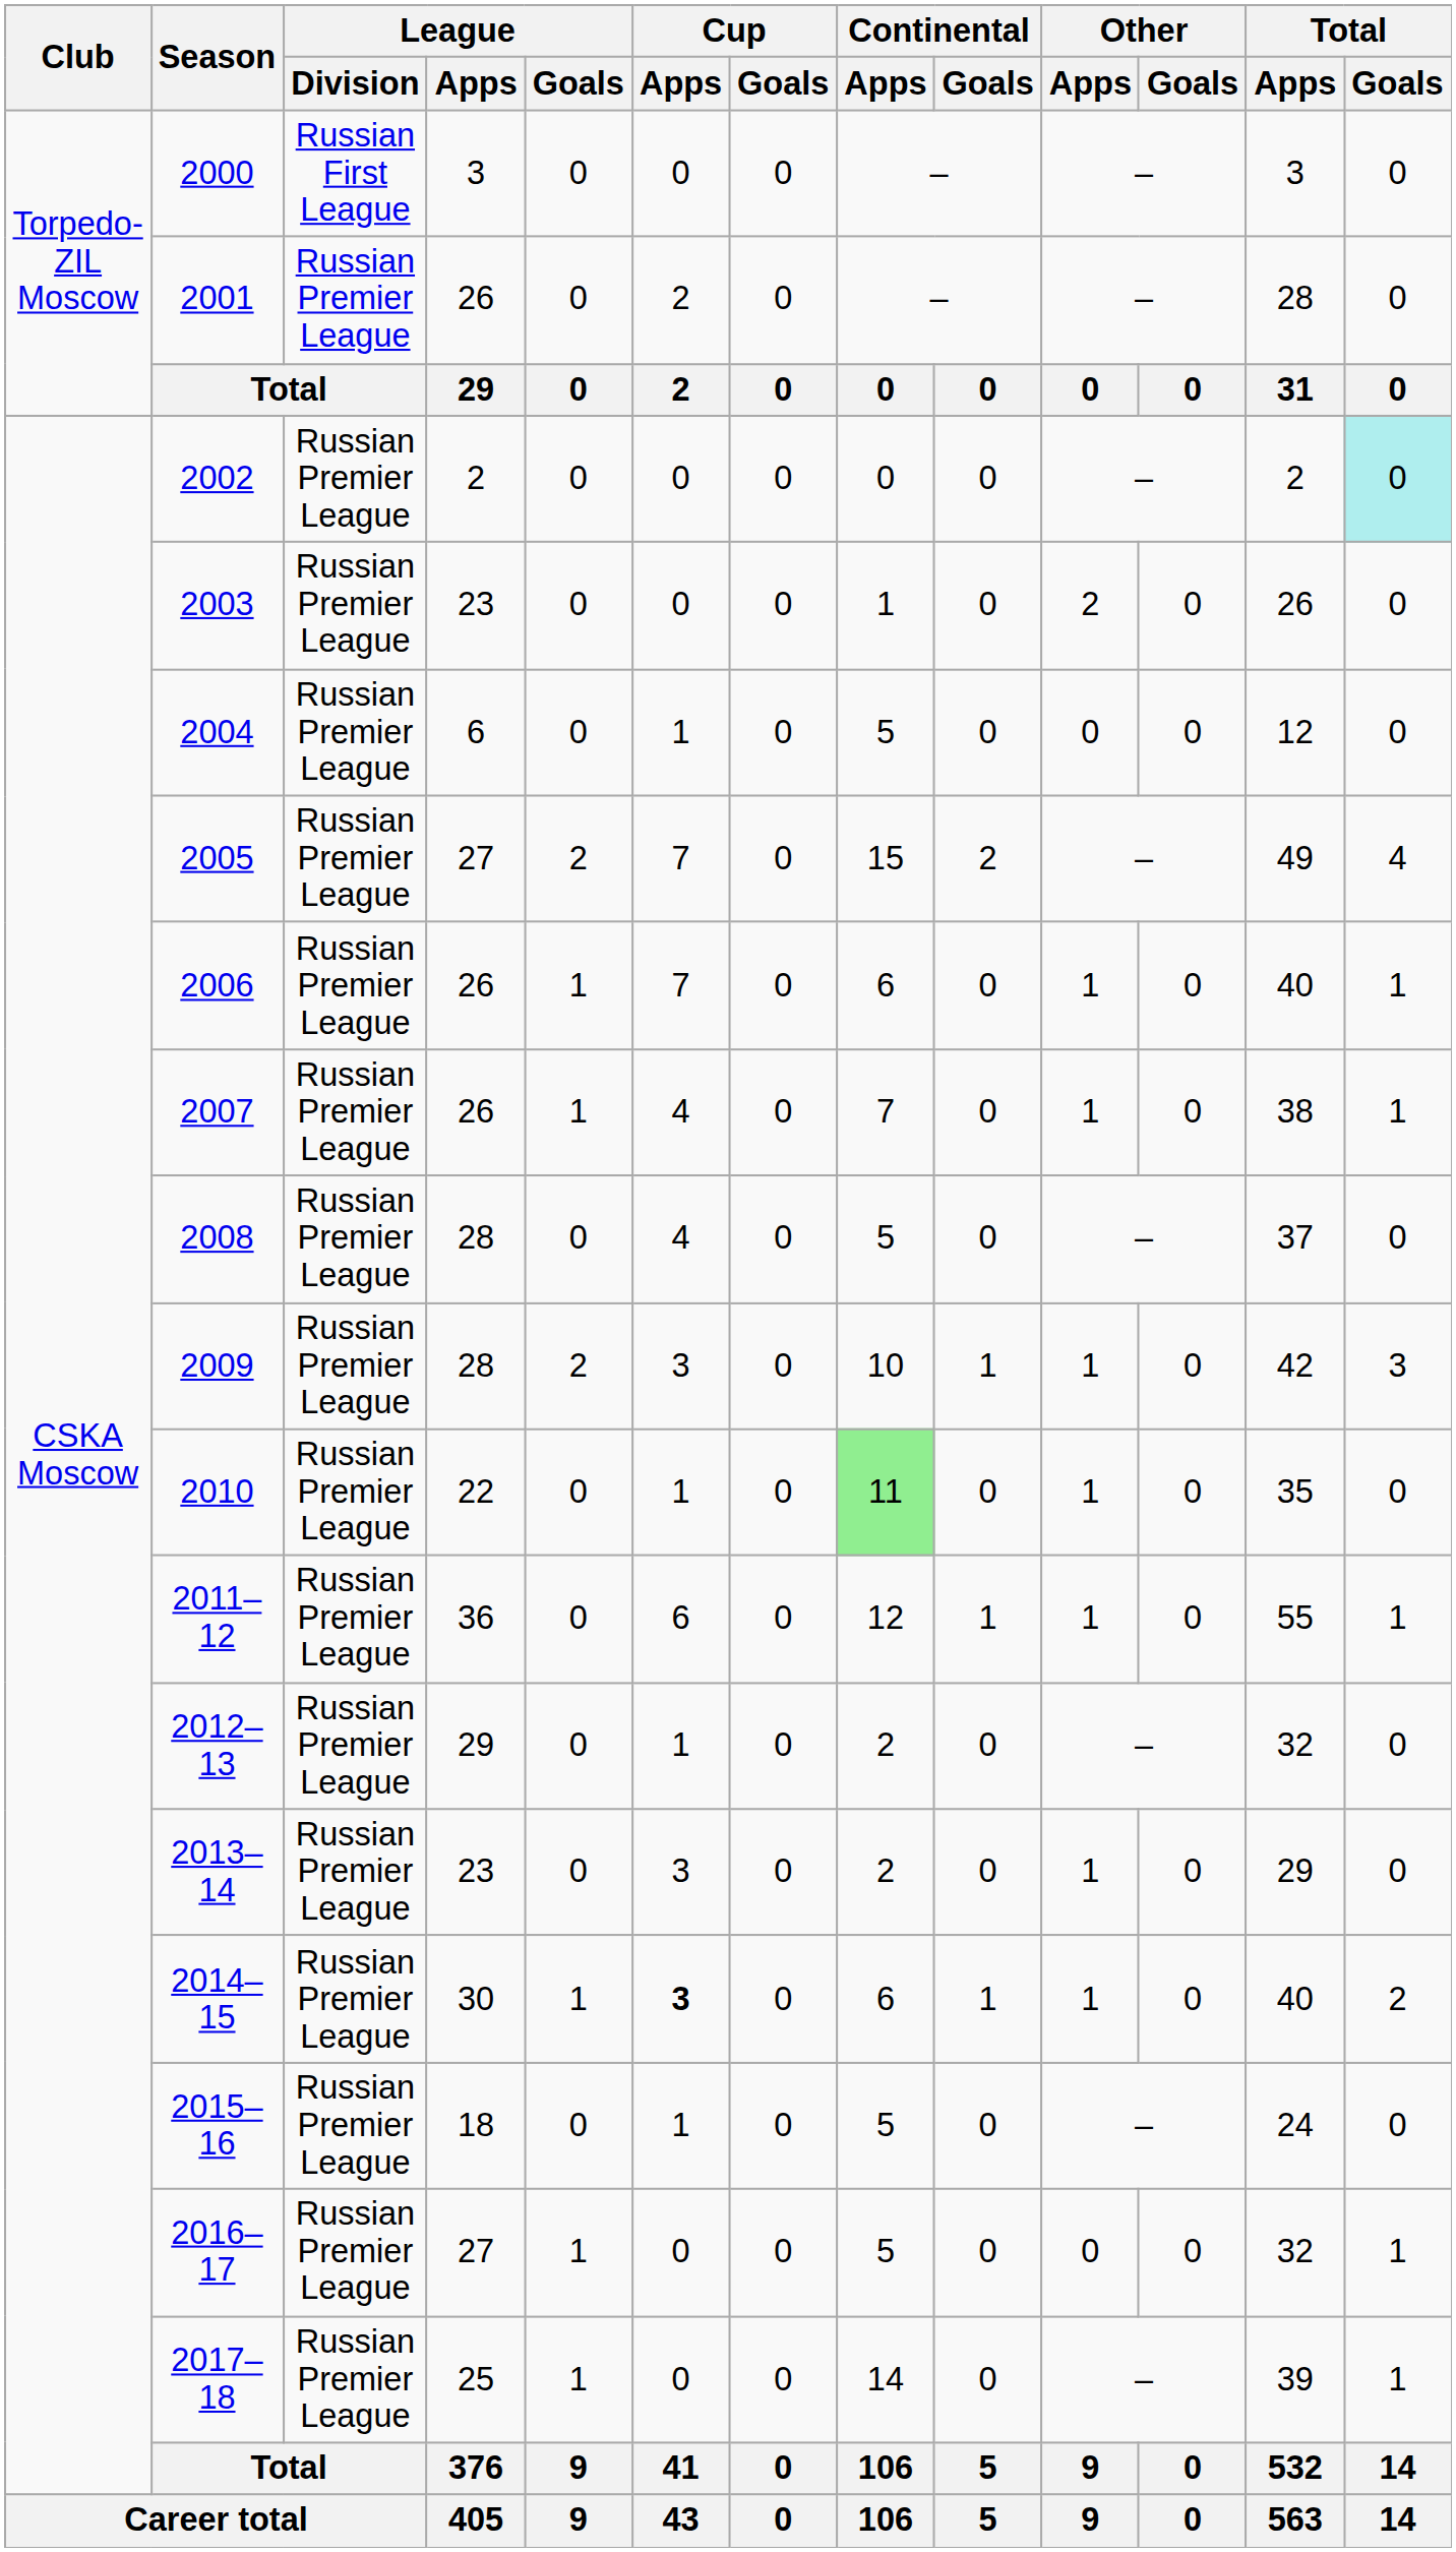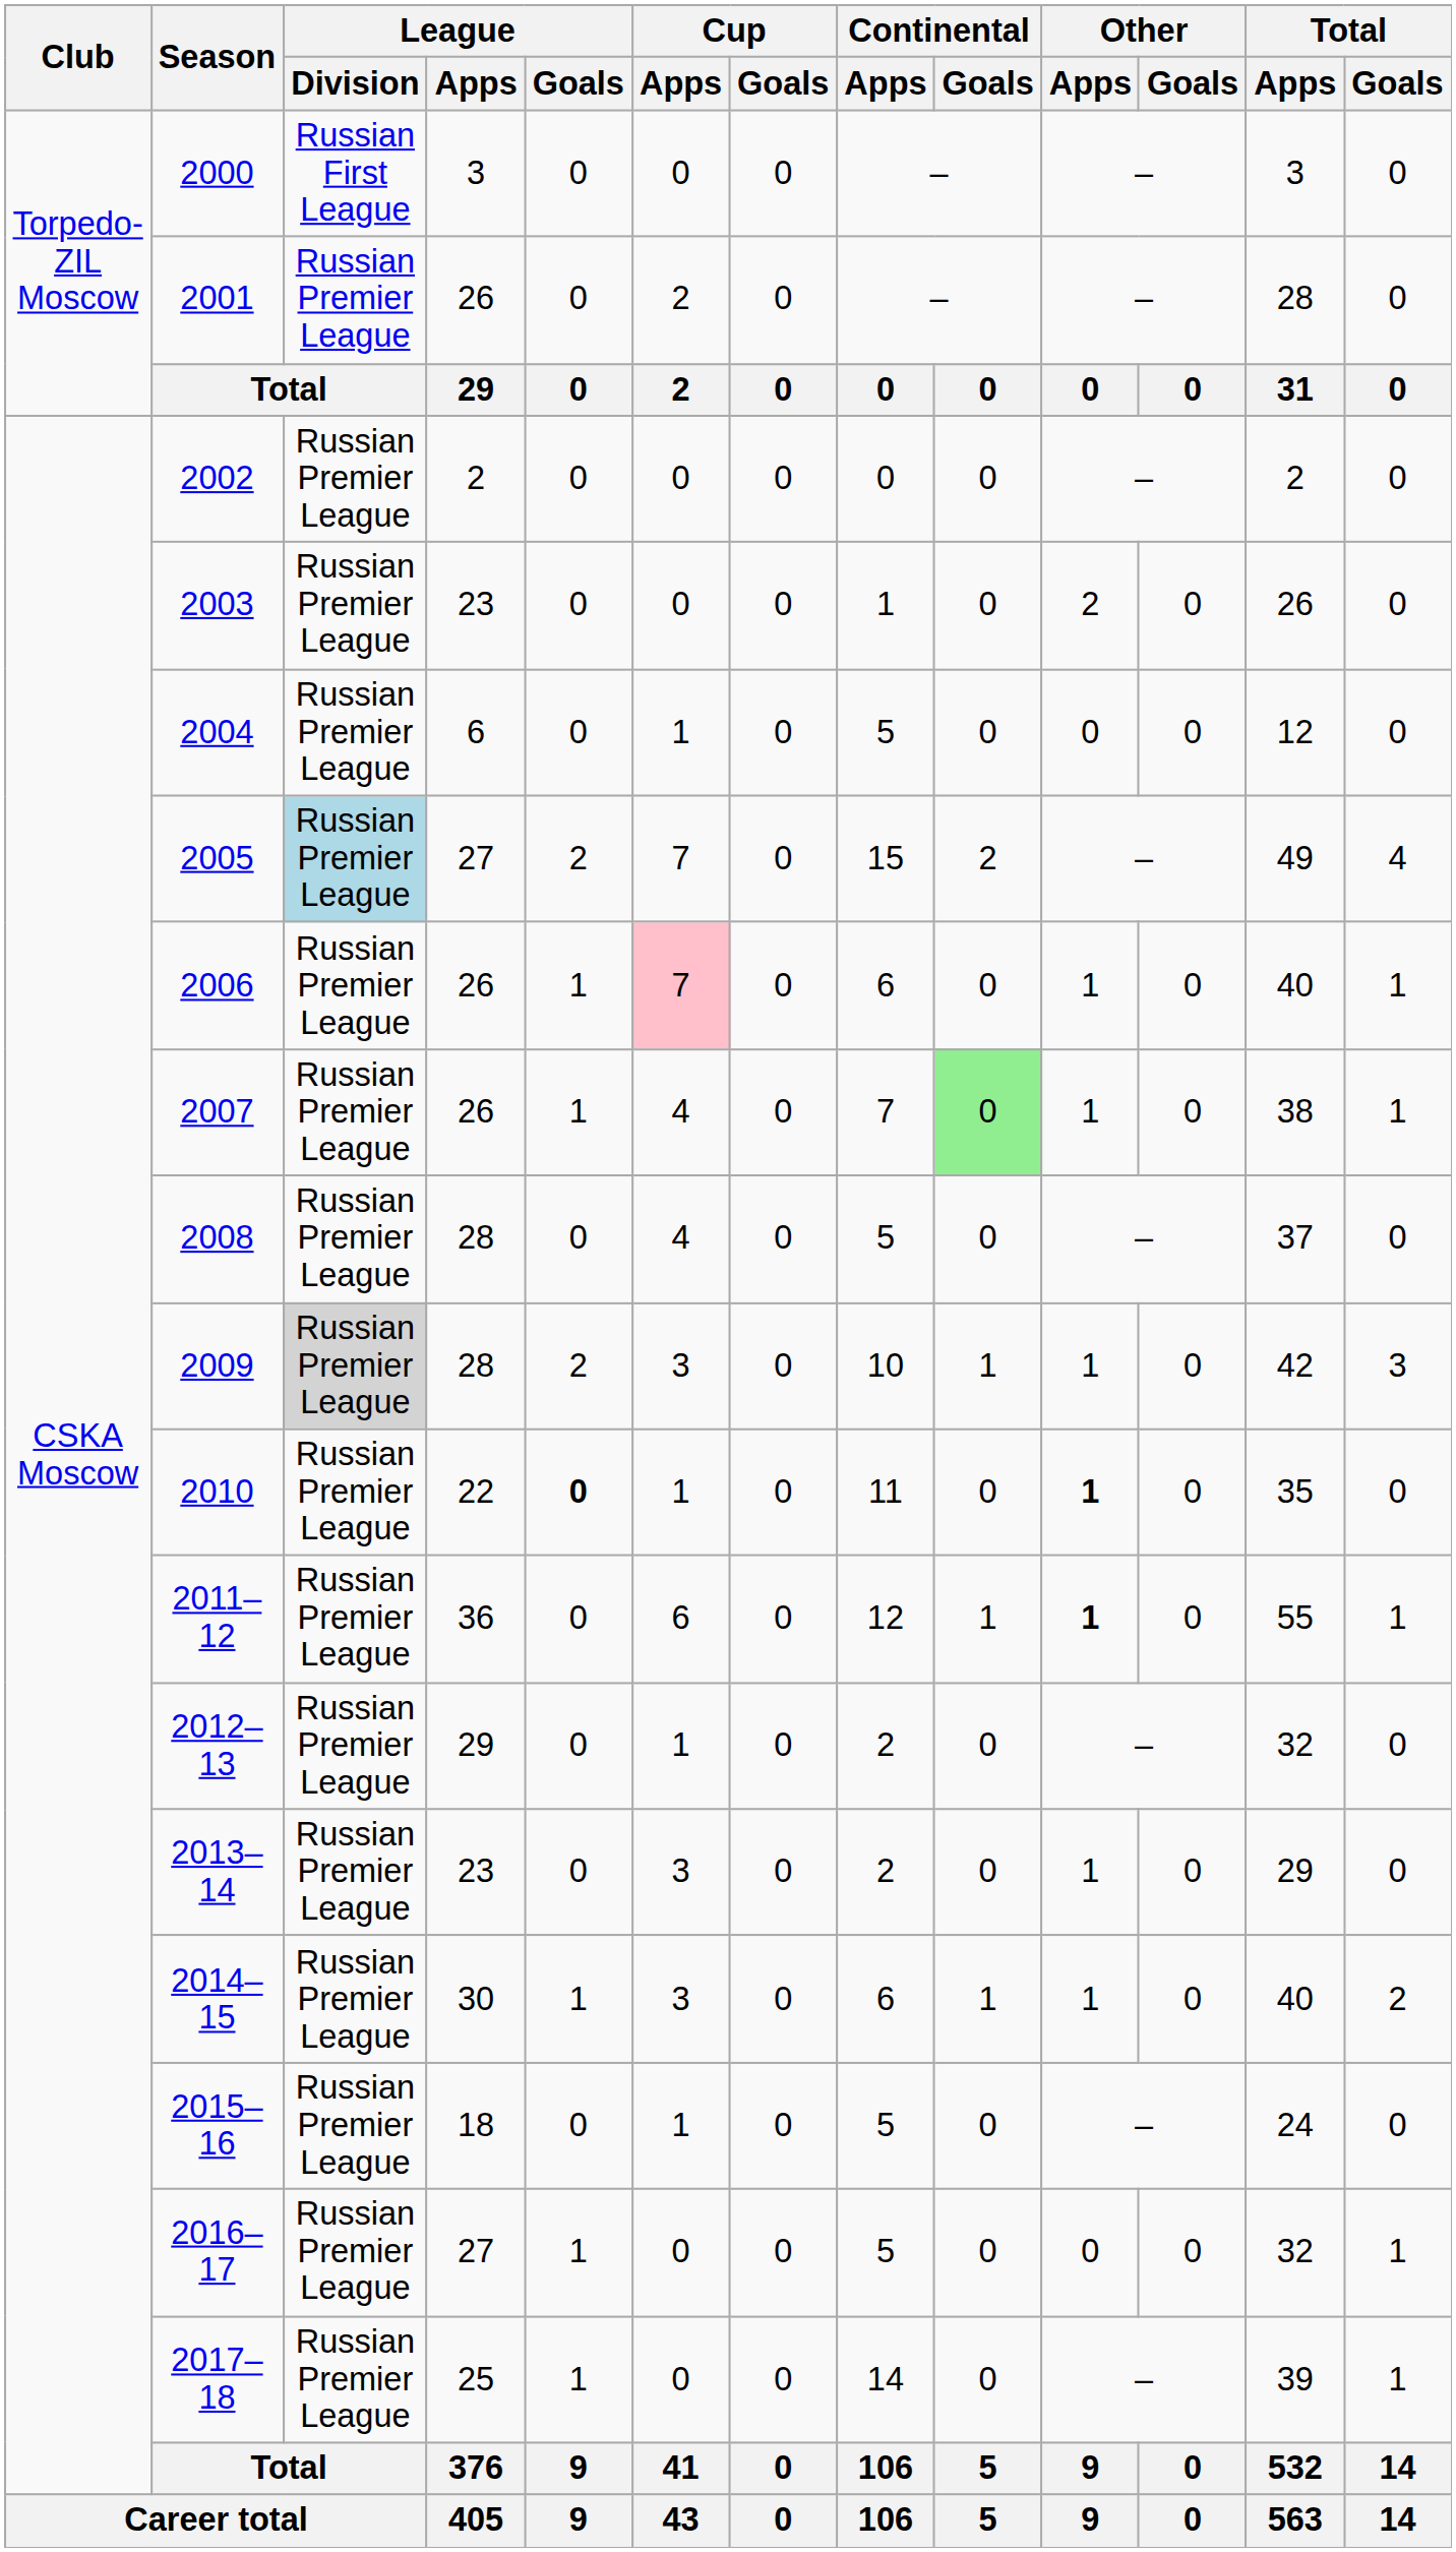 <table class="wikitable" style="text-align: center;">
 <tr>
 <th rowspan=2>Club</th>
 <th rowspan=2>Season</th>
 <th colspan=3>League</th>
 <th colspan=2>Cup</th>
 <th colspan=2>Continental</th>
 <th colspan=2>Other</th>
 <th colspan=2>Total</th>
 </tr>
 <tr>
 <th>Division</th>
 <th>Apps</th>
 <th>Goals</th>
 <th>Apps</th>
 <th>Goals</th>
 <th>Apps</th>
 <th>Goals</th>
 <th>Apps</th>
 <th>Goals</th>
 <th>Apps</th>
 <th>Goals</th>
 </tr>
 <tr>
 <td rowspan="3"><a href='#'>Torpedo-ZIL Moscow</a></td>
 <td><a href='#'>2000</a></td>
 <td><a href='#'>Russian First League</a></td>
 <td>3</td>
 <td>0</td>
 <td>0</td>
 <td>0</td>
 <td colspan=2>–</td>
 <td colspan=2>–</td>
 <td>3</td>
 <td>0</td>
 </tr>
 <tr>
 <td><a href='#'>2001</a></td>
 <td><a href='#'>Russian Premier League</a></td>
 <td>26</td>
 <td>0</td>
 <td>2</td>
 <td>0</td>
 <td colspan=2>–</td>
 <td colspan=2>–</td>
 <td>28</td>
 <td>0</td>
 </tr>
 <tr>
 <th colspan=2>Total</th>
 <th>29</th>
 <th>0</th>
 <th>2</th>
 <th>0</th>
 <th>0</th>
 <th>0</th>
 <th>0</th>
 <th>0</th>
 <th>31</th>
 <th>0</th>
 </tr>
 <tr>
 <td rowspan="17"><a href='#'>CSKA Moscow</a></td>
 <td><a href='#'>2002</a></td>
 <td>Russian Premier League</td>
 <td>2</td>
 <td>0</td>
 <td>0</td>
 <td>0</td>
 <td>0</td>
 <td>0</td>
 <td colspan=2>–</td>
 <td>2</td>
-<td style="background: paleturquoise;">0</td>
+<td>0</td>
 </tr>
 <tr>
 <td><a href='#'>2003</a></td>
 <td>Russian Premier League</td>
 <td>23</td>
 <td>0</td>
 <td>0</td>
 <td>0</td>
 <td>1</td>
 <td>0</td>
 <td>2</td>
 <td>0</td>
 <td>26</td>
 <td>0</td>
 </tr>
 <tr>
 <td><a href='#'>2004</a></td>
 <td>Russian Premier League</td>
 <td>6</td>
 <td>0</td>
 <td>1</td>
 <td>0</td>
 <td>5</td>
 <td>0</td>
 <td>0</td>
 <td>0</td>
 <td>12</td>
 <td>0</td>
 </tr>
 <tr>
 <td><a href='#'>2005</a></td>
-<td>Russian Premier League</td>
+<td style="background: lightblue;">Russian Premier League</td>
 <td>27</td>
 <td>2</td>
 <td>7</td>
 <td>0</td>
 <td>15</td>
 <td>2</td>
 <td colspan=2>–</td>
 <td>49</td>
 <td>4</td>
 </tr>
 <tr>
 <td><a href='#'>2006</a></td>
 <td>Russian Premier League</td>
 <td>26</td>
 <td>1</td>
-<td>7</td>
+<td style="background: pink;">7</td>
 <td>0</td>
 <td>6</td>
 <td>0</td>
 <td>1</td>
 <td>0</td>
 <td>40</td>
 <td>1</td>
 </tr>
 <tr>
 <td><a href='#'>2007</a></td>
 <td>Russian Premier League</td>
 <td>26</td>
 <td>1</td>
 <td>4</td>
 <td>0</td>
 <td>7</td>
-<td>0</td>
+<td style="background: lightgreen;">0</td>
 <td>1</td>
 <td>0</td>
 <td>38</td>
 <td>1</td>
 </tr>
 <tr>
 <td><a href='#'>2008</a></td>
 <td>Russian Premier League</td>
 <td>28</td>
 <td>0</td>
 <td>4</td>
 <td>0</td>
 <td>5</td>
 <td>0</td>
 <td colspan=2>–</td>
 <td>37</td>
 <td>0</td>
 </tr>
 <tr>
 <td><a href='#'>2009</a></td>
-<td>Russian Premier League</td>
+<td style="background: lightgrey;">Russian Premier League</td>
 <td>28</td>
 <td>2</td>
 <td>3</td>
 <td>0</td>
 <td>10</td>
 <td>1</td>
 <td>1</td>
 <td>0</td>
 <td>42</td>
 <td>3</td>
 </tr>
 <tr>
 <td><a href='#'>2010</a></td>
 <td>Russian Premier League</td>
 <td>22</td>
-<td>0</td>
+<td><strong>0</strong></td>
 <td>1</td>
 <td>0</td>
-<td style="background: lightgreen;">11</td>
+<td>11</td>
 <td>0</td>
-<td>1</td>
+<td><strong>1</strong></td>
 <td>0</td>
 <td>35</td>
 <td>0</td>
 </tr>
 <tr>
 <td><a href='#'>2011–12</a></td>
 <td>Russian Premier League</td>
 <td>36</td>
 <td>0</td>
 <td>6</td>
 <td>0</td>
 <td>12</td>
 <td>1</td>
-<td>1</td>
+<td><strong>1</strong></td>
 <td>0</td>
 <td>55</td>
 <td>1</td>
 </tr>
 <tr>
 <td><a href='#'>2012–13</a></td>
 <td>Russian Premier League</td>
 <td>29</td>
 <td>0</td>
 <td>1</td>
 <td>0</td>
 <td>2</td>
 <td>0</td>
 <td colspan=2>–</td>
 <td>32</td>
 <td>0</td>
 </tr>
 <tr>
 <td><a href='#'>2013–14</a></td>
 <td>Russian Premier League</td>
 <td>23</td>
 <td>0</td>
 <td>3</td>
 <td>0</td>
 <td>2</td>
 <td>0</td>
 <td>1</td>
 <td>0</td>
 <td>29</td>
 <td>0</td>
 </tr>
 <tr>
 <td><a href='#'>2014–15</a></td>
 <td>Russian Premier League</td>
 <td>30</td>
 <td>1</td>
-<td><strong>3</strong></td>
+<td>3</td>
 <td>0</td>
 <td>6</td>
 <td>1</td>
 <td>1</td>
 <td>0</td>
 <td>40</td>
 <td>2</td>
 </tr>
 <tr>
 <td><a href='#'>2015–16</a></td>
 <td>Russian Premier League</td>
 <td>18</td>
 <td>0</td>
 <td>1</td>
 <td>0</td>
 <td>5</td>
 <td>0</td>
 <td colspan=2>–</td>
 <td>24</td>
 <td>0</td>
 </tr>
 <tr>
 <td><a href='#'>2016–17</a></td>
 <td>Russian Premier League</td>
 <td>27</td>
 <td>1</td>
 <td>0</td>
 <td>0</td>
 <td>5</td>
 <td>0</td>
 <td>0</td>
 <td>0</td>
 <td>32</td>
 <td>1</td>
 </tr>
 <tr>
 <td><a href='#'>2017–18</a></td>
 <td>Russian Premier League</td>
 <td>25</td>
 <td>1</td>
 <td>0</td>
 <td>0</td>
 <td>14</td>
 <td>0</td>
 <td colspan=2>–</td>
 <td>39</td>
 <td>1</td>
 </tr>
 <tr>
 <th colspan=2>Total</th>
 <th>376</th>
 <th>9</th>
 <th>41</th>
 <th>0</th>
 <th>106</th>
 <th>5</th>
 <th>9</th>
 <th>0</th>
 <th>532</th>
 <th>14</th>
 </tr>
 <tr>
 <th colspan=3>Career total</th>
 <th>405</th>
 <th>9</th>
 <th>43</th>
 <th>0</th>
 <th>106</th>
 <th>5</th>
 <th>9</th>
 <th>0</th>
 <th>563</th>
 <th>14</th>
 </tr>
 </table>
